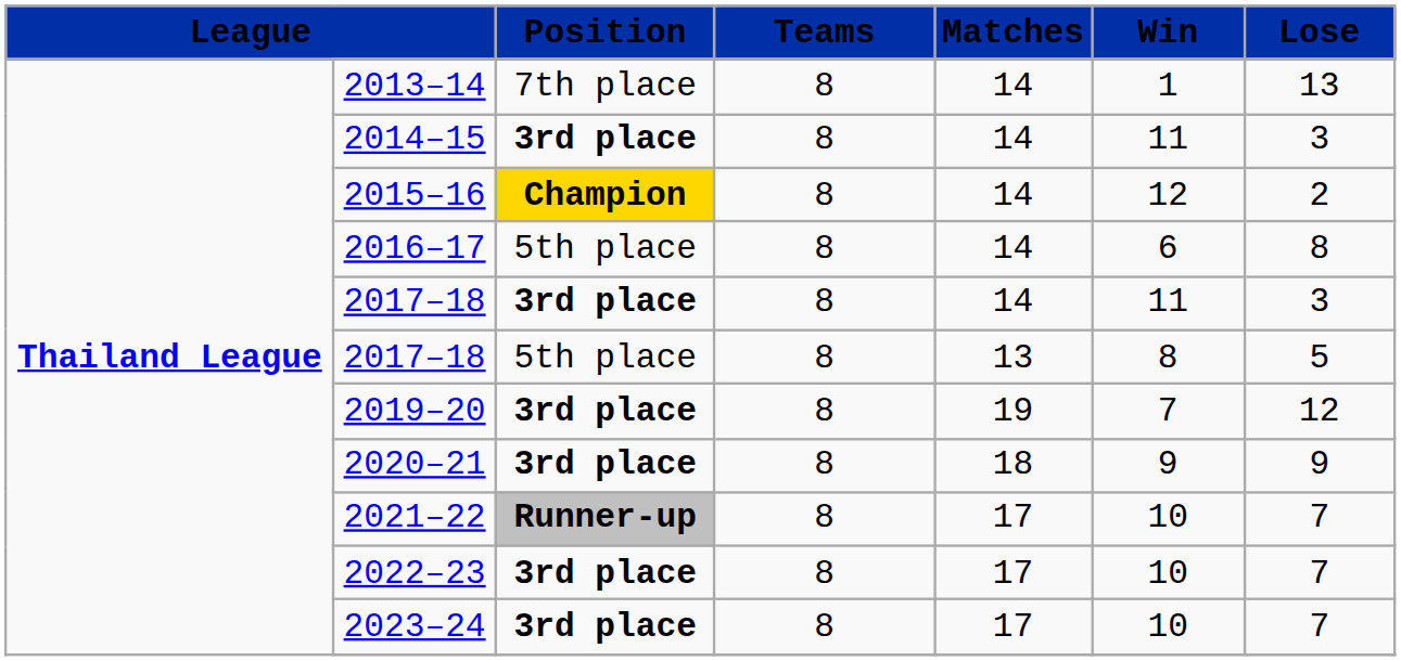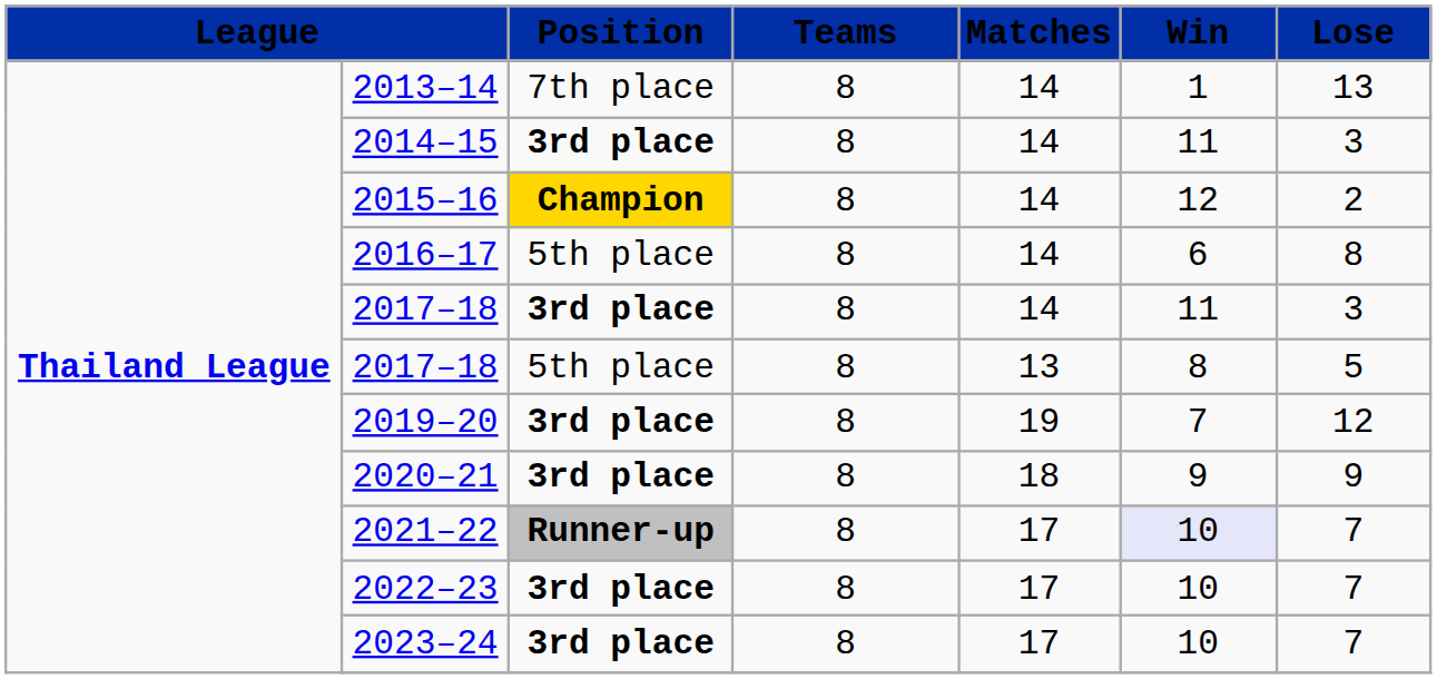 <table class="wikitable" style= "text-align:center; font-size:10pt;">
 <tr style= "background: #002FA7; font-weight:bold;">
 <td colspan="2" style="width:14em;"><span>League</span></td>
 <td style="width:6em;"><span>Position</span></td>
 <td style="width:6em;"><span>Teams</span></td>
 <td style="width:4em;"><span>Matches</span></td>
 <td style="width:4em;"><span>Win</span></td>
 <td style="width:4em;"><span>Lose</span></td>
 </tr>
 <tr>
 <td rowspan="15"><strong><a href='#'>Thailand League</a></strong></td>
 </tr>
 <tr>
 <td><a href='#'>2013–14</a></td>
 <td>7th place</td>
 <td align="center">8</td>
 <td align="center">14</td>
 <td align="center">1</td>
 <td align="center">13</td>
 </tr>
 <tr>
 <td><a href='#'>2014–15</a></td>
 <td><strong>3rd place</strong></td>
 <td align="center">8</td>
 <td align="center">14</td>
 <td align="center">11</td>
 <td align="center">3</td>
 </tr>
 <tr>
 <td><a href='#'>2015–16</a></td>
 <td bgcolor="gold"><strong>Champion</strong></td>
 <td align="center">8</td>
 <td align="center">14</td>
 <td align="center">12</td>
 <td align="center">2</td>
 </tr>
 <tr>
 <td><a href='#'>2016–17</a></td>
 <td>5th place</td>
 <td align="center">8</td>
 <td align="center">14</td>
 <td align="center">6</td>
 <td align="center">8</td>
 </tr>
 <tr>
 <td><a href='#'>2017–18</a></td>
 <td><strong>3rd place</strong></td>
 <td align="center">8</td>
 <td align="center">14</td>
 <td align="center">11</td>
 <td align="center">3</td>
 </tr>
 <tr>
 <td><a href='#'>2017–18</a></td>
 <td>5th place</td>
 <td align="center">8</td>
 <td align="center">13</td>
 <td align="center">8</td>
 <td align="center">5</td>
 </tr>
 <tr>
 <td><a href='#'>2019–20</a></td>
 <td><strong>3rd place</strong></td>
 <td align="center">8</td>
 <td align="center">19</td>
 <td align="center">7</td>
 <td align="center">12</td>
 </tr>
 <tr>
 <td><a href='#'>2020–21</a></td>
 <td><strong>3rd place</strong></td>
 <td align="center">8</td>
 <td align="center">18</td>
 <td align="center">9</td>
 <td align="center">9</td>
 </tr>
 <tr>
 <td><a href='#'>2021–22</a></td>
 <td bgcolor="Silver"><strong>Runner-up</strong></td>
 <td align="center">8</td>
 <td align="center">17</td>
-<td align="center">10</td>
+<td align="center" style="background: lavender;">10</td>
 <td align="center">7</td>
 </tr>
 <tr>
 <td><a href='#'>2022–23</a></td>
 <td><strong>3rd place</strong></td>
 <td align="center">8</td>
 <td align="center">17</td>
 <td align="center">10</td>
 <td align="center">7</td>
 </tr>
 <tr>
 <td><a href='#'>2023–24</a></td>
 <td><strong>3rd place</strong></td>
 <td align="center">8</td>
 <td align="center">17</td>
 <td align="center">10</td>
 <td align="center">7</td>
 </tr>
 <tr>
 </tr>
 </table>
